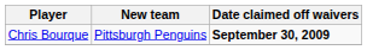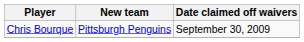 <table class="wikitable">
 <tr>
 <th>Player</th>
 <th>New team</th>
 <th>Date claimed off waivers</th>
 </tr>
 <tr>
 <td><a href='#'>Chris Bourque</a></td>
 <td><a href='#'>Pittsburgh Penguins</a></td>
-<td><strong>September 30, 2009</strong></td>
+<td>September 30, 2009</td>
 </tr>
 <tr>
 </tr>
 </table>
